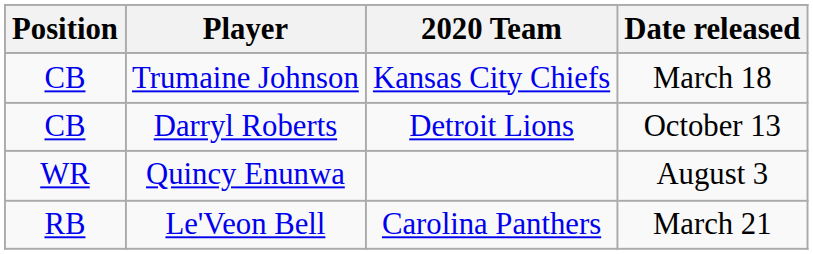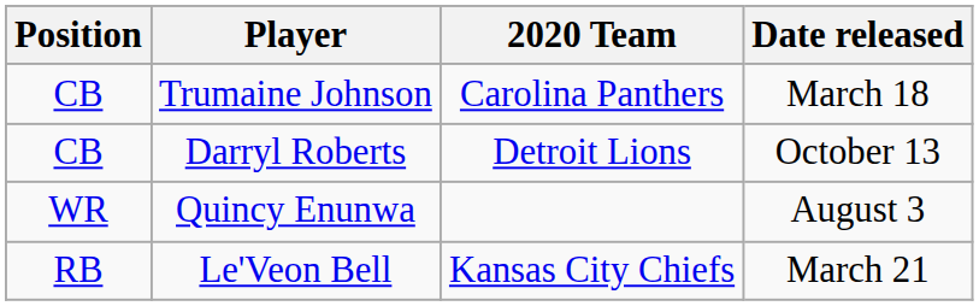 <table class="wikitable" style="text-align:center">
 <tr>
 <th>Position</th>
 <th>Player</th>
 <th>2020 Team</th>
 <th>Date released</th>
 </tr>
 <tr>
 <td><a href='#'>CB</a></td>
 <td><a href='#'>Trumaine Johnson</a></td>
-<td><a href='#'>Kansas City Chiefs</a></td>
+<td><a href='#'>Carolina Panthers</a></td>
 <td>March 18</td>
 </tr>
 <tr>
 <td><a href='#'>CB</a></td>
 <td><a href='#'>Darryl Roberts</a></td>
 <td><a href='#'>Detroit Lions</a></td>
 <td>October 13</td>
 </tr>
 <tr>
 <td><a href='#'>WR</a></td>
 <td><a href='#'>Quincy Enunwa</a></td>
 <td></td>
 <td>August 3</td>
 </tr>
 <tr>
 <td><a href='#'>RB</a></td>
 <td><a href='#'>Le'Veon Bell</a></td>
-<td><a href='#'>Carolina Panthers</a></td>
+<td><a href='#'>Kansas City Chiefs</a></td>
 <td>March 21</td>
 </tr>
 </table>
